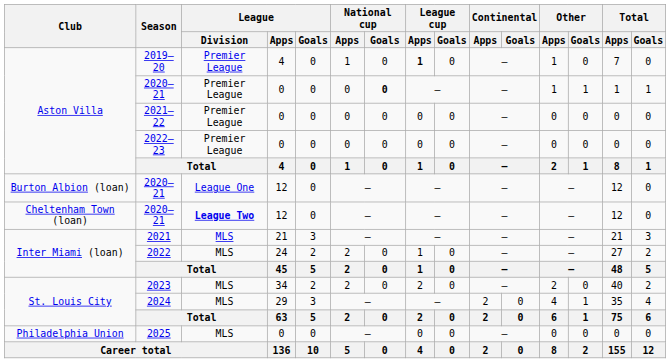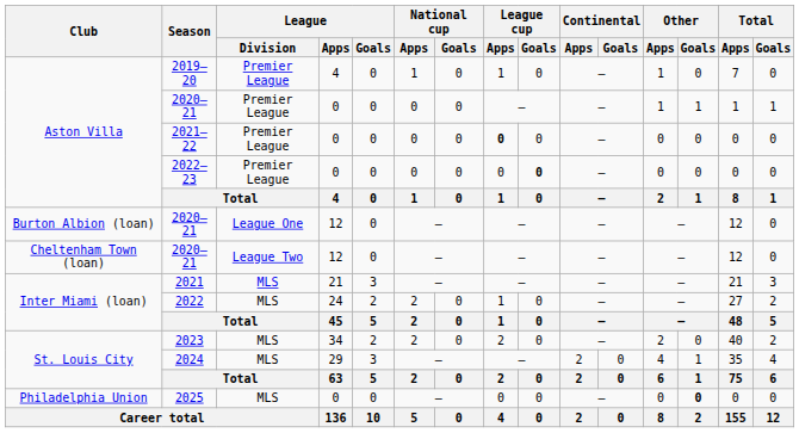 <table class=wikitable style=text-align:center>
 <tr>
 <th rowspan=2>Club</th>
 <th rowspan=2>Season</th>
 <th colspan=3>League</th>
 <th colspan=2>National cup</th>
 <th colspan=2>League cup</th>
 <th colspan=2>Continental</th>
 <th colspan=2>Other</th>
 <th colspan=2>Total</th>
 </tr>
 <tr>
 <th>Division</th>
 <th>Apps</th>
 <th>Goals</th>
 <th>Apps</th>
 <th>Goals</th>
 <th>Apps</th>
 <th>Goals</th>
 <th>Apps</th>
 <th>Goals</th>
 <th>Apps</th>
 <th>Goals</th>
 <th>Apps</th>
 <th>Goals</th>
 </tr>
 <tr>
 <td rowspan="5"><a href='#'>Aston Villa</a></td>
 <td><a href='#'>2019–20</a></td>
 <td><a href='#'>Premier League</a></td>
 <td>4</td>
 <td>0</td>
 <td>1</td>
 <td>0</td>
-<td><strong>1</strong></td>
+<td>1</td>
 <td>0</td>
 <td colspan=2>—</td>
 <td>1</td>
 <td>0</td>
 <td>7</td>
 <td>0</td>
 </tr>
 <tr>
 <td><a href='#'>2020–21</a></td>
 <td>Premier League</td>
 <td>0</td>
 <td>0</td>
 <td>0</td>
-<td><strong>0</strong></td>
+<td>0</td>
 <td colspan=2>—</td>
 <td colspan="2">—</td>
 <td>1</td>
 <td>1</td>
 <td>1</td>
 <td>1</td>
 </tr>
 <tr>
 <td><a href='#'>2021–22</a></td>
 <td>Premier League</td>
 <td>0</td>
 <td>0</td>
 <td>0</td>
 <td>0</td>
-<td>0</td>
+<td><strong>0</strong></td>
 <td>0</td>
 <td colspan="2">—</td>
 <td>0</td>
 <td>0</td>
 <td>0</td>
 <td>0</td>
 </tr>
 <tr>
 <td><a href='#'>2022–23</a></td>
 <td>Premier League</td>
 <td>0</td>
 <td>0</td>
 <td>0</td>
 <td>0</td>
 <td>0</td>
-<td>0</td>
+<td><strong>0</strong></td>
 <td colspan="2">—</td>
 <td>0</td>
 <td>0</td>
 <td>0</td>
 <td>0</td>
 </tr>
 <tr>
 <th colspan="2">Total</th>
 <th>4</th>
 <th>0</th>
 <th>1</th>
 <th>0</th>
 <th>1</th>
 <th>0</th>
 <th colspan=2>—</th>
 <th>2</th>
 <th>1</th>
 <th>8</th>
 <th>1</th>
 </tr>
 <tr>
 <td><a href='#'>Burton Albion</a> (loan)</td>
 <td><a href='#'>2020–21</a></td>
 <td><a href='#'>League One</a></td>
 <td>12</td>
 <td>0</td>
 <td colspan="2">—</td>
 <td colspan="2">—</td>
 <td colspan="2">—</td>
 <td colspan=2>—</td>
 <td>12</td>
 <td>0</td>
 </tr>
 <tr>
 <td><a href='#'>Cheltenham Town</a> (loan)</td>
 <td><a href='#'>2020–21</a></td>
-<td><strong><a href='#'>League Two</a></strong></td>
+<td><a href='#'>League Two</a></td>
 <td>12</td>
 <td>0</td>
 <td colspan="2">—</td>
 <td colspan="2">—</td>
 <td colspan="2">—</td>
 <td colspan=2>—</td>
 <td>12</td>
 <td>0</td>
 </tr>
 <tr>
 <td rowspan="3"><a href='#'>Inter Miami</a> (loan)</td>
 <td><a href='#'>2021</a></td>
 <td><a href='#'>MLS</a></td>
 <td>21</td>
 <td>3</td>
 <td colspan=2>—</td>
 <td colspan=2>—</td>
 <td colspan="2">—</td>
 <td colspan=2>—</td>
 <td>21</td>
 <td>3</td>
 </tr>
 <tr>
 <td><a href='#'>2022</a></td>
 <td>MLS</td>
 <td>24</td>
 <td>2</td>
 <td>2</td>
 <td>0</td>
 <td>1</td>
 <td>0</td>
 <td colspan="2">—</td>
 <td colspan="2">—</td>
 <td>27</td>
 <td>2</td>
 </tr>
 <tr>
 <th colspan="2">Total</th>
 <th>45</th>
 <th>5</th>
 <th>2</th>
 <th>0</th>
 <th>1</th>
 <th>0</th>
 <th colspan="2">—</th>
 <th colspan="2">—</th>
 <th>48</th>
 <th>5</th>
 </tr>
 <tr>
 <td rowspan="3"><a href='#'>St. Louis City</a></td>
 <td><a href='#'>2023</a></td>
 <td>MLS</td>
 <td>34</td>
 <td>2</td>
 <td>2</td>
 <td>0</td>
 <td>2</td>
 <td>0</td>
 <td colspan="2">—</td>
 <td>2</td>
 <td>0</td>
 <td>40</td>
 <td>2</td>
 </tr>
 <tr>
 <td><a href='#'>2024</a></td>
 <td>MLS</td>
 <td>29</td>
 <td>3</td>
 <td colspan="2">—</td>
 <td colspan="2">—</td>
 <td>2</td>
 <td>0</td>
 <td>4</td>
 <td>1</td>
 <td>35</td>
 <td>4</td>
 </tr>
 <tr>
 <th colspan="2">Total</th>
 <th>63</th>
 <th>5</th>
 <th>2</th>
 <th>0</th>
 <th>2</th>
 <th>0</th>
 <th>2</th>
 <th>0</th>
 <th>6</th>
 <th>1</th>
 <th>75</th>
 <th>6</th>
 </tr>
 <tr>
 <td rowspan="1"><a href='#'>Philadelphia Union</a></td>
 <td><a href='#'>2025</a></td>
 <td>MLS</td>
 <td>0</td>
 <td>0</td>
 <td colspan="2">—</td>
 <td>0</td>
 <td>0</td>
 <td colspan="2">—</td>
 <td>0</td>
-<td>0</td>
+<td><strong>0</strong></td>
 <td>0</td>
 <td>0</td>
 </tr>
 <tr>
 <th colspan="3">Career total</th>
 <th>136</th>
 <th>10</th>
 <th>5</th>
 <th>0</th>
 <th>4</th>
 <th>0</th>
 <th>2</th>
 <th>0</th>
 <th>8</th>
 <th>2</th>
 <th>155</th>
 <th>12</th>
 </tr>
 </table>
